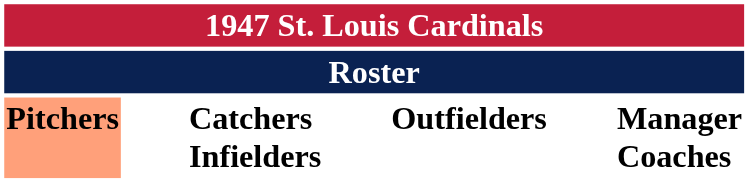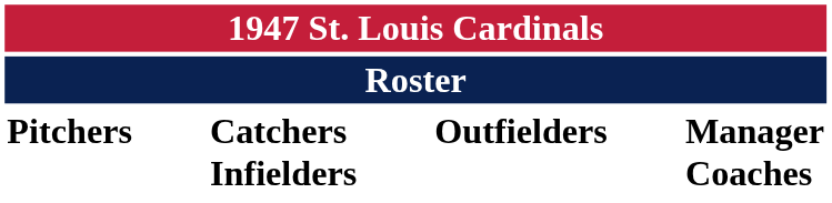 <table class="toccolours" style="font-size: 95%;">
 <tr>
 <th colspan="10" style="background-color: #c41e3a; color: white; text-align: center;">1947 St. Louis Cardinals</th>
 </tr>
 <tr>
 <td colspan="10" style="background-color: #0a2252; color: white; text-align: center;"><strong>Roster</strong></td>
 </tr>
 <tr>
-<td valign="top" style="background: lightsalmon;"><strong>Pitchers</strong><br>           </td>
+<td valign="top"><strong>Pitchers</strong><br>           </td>
 <td width="25px"></td>
 <td valign="top"><strong>Catchers</strong><br>   <strong>Infielders</strong>        </td>
 <td width="25px"></td>
 <td valign="top"><strong>Outfielders</strong><br>      </td>
 <td width="25px"></td>
 <td valign="top"><strong>Manager</strong><br> <strong>Coaches</strong>  </td>
 </tr>
 </table>
